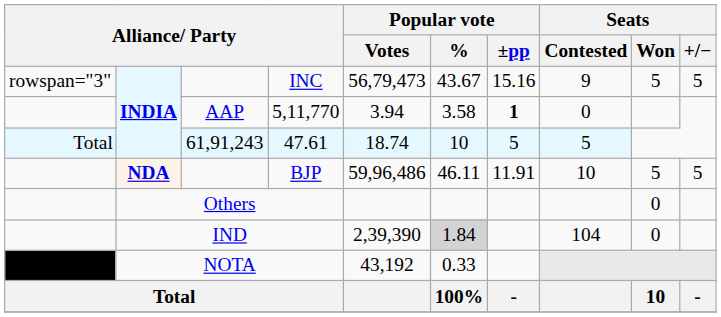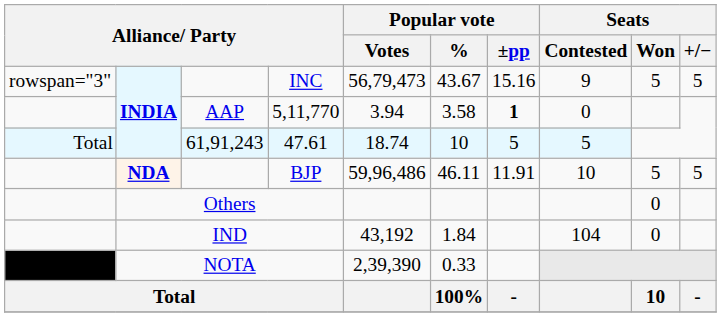 <table class="wikitable sortable" style="text-align:center;">
 <tr>
 <th colspan="4" rowspan="2">Alliance/ Party</th>
 <th colspan="3">Popular vote</th>
 <th colspan="3">Seats</th>
 </tr>
 <tr>
 <th>Votes</th>
 <th>%</th>
 <th>±<a href='#'>pp</a></th>
 <th>Contested</th>
 <th>Won</th>
 <th><strong>+/−</strong></th>
 </tr>
 <tr>
 <td>rowspan="3" </td>
 <th rowspan="3"style="background:#E5F8FF"><a href='#'>INDIA</a></th>
 <td></td>
 <td><a href='#'>INC</a></td>
 <td>56,79,473</td>
 <td>43.67</td>
 <td> 15.16</td>
 <td>9</td>
 <td>5</td>
 <td> 5</td>
 </tr>
 <tr>
 <td></td>
 <td><a href='#'>AAP</a></td>
 <td>5,11,770</td>
 <td>3.94</td>
 <td> 3.58</td>
 <td><strong>1</strong></td>
 <td>0</td>
 <td></td>
 </tr>
 <tr>
 <td colspan="2"style="background:#E5F8FF">Total</td>
 <td style="background:#E5F8FF">61,91,243</td>
 <td style="background:#E5F8FF">47.61</td>
 <td style="background:#E5F8FF"> 18.74</td>
 <td style="background:#E5F8FF">10</td>
 <td style="background:#E5F8FF">5</td>
 <td style="background:#E5F8FF">5</td>
 </tr>
 <tr>
 <td></td>
 <th style="background:#fef3e8"><a href='#'>NDA</a></th>
 <td></td>
 <td><a href='#'>BJP</a></td>
 <td>59,96,486</td>
 <td>46.11</td>
 <td> 11.91</td>
 <td>10</td>
 <td>5</td>
 <td> 5</td>
 </tr>
 <tr>
 <td></td>
 <td colspan="3"><a href='#'>Others</a></td>
 <td></td>
 <td></td>
 <td></td>
 <td></td>
 <td>0</td>
 <td></td>
 </tr>
 <tr>
 <td></td>
 <td colspan="3"><a href='#'>IND</a></td>
-<td>2,39,390</td>
-<td style="background: lightgrey;">1.84</td>
+<td>43,192</td>
+<td>1.84</td>
 <td></td>
 <td>104</td>
 <td>0</td>
 <td></td>
 </tr>
 <tr>
 <td bgcolor="Black"></td>
 <td colspan="3"><a href='#'>NOTA</a></td>
-<td>43,192</td>
+<td>2,39,390</td>
 <td>0.33</td>
 <td></td>
 <th colspan="3" style="background-color:#E9E9E9"></th>
 </tr>
 <tr>
 <th colspan="4">Total</th>
 <th></th>
 <th>100%</th>
 <th>-</th>
 <th></th>
 <th>10</th>
 <th>-</th>
 </tr>
 <tr>
 </tr>
 </table>
